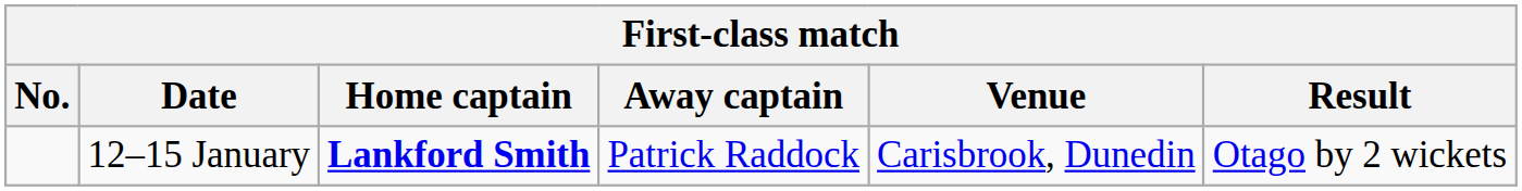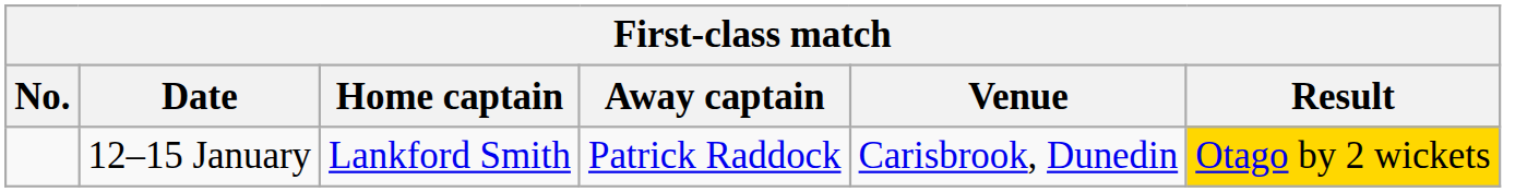 <table class="wikitable">
 <tr>
 <th colspan="9">First-class match</th>
 </tr>
 <tr>
 <th>No.</th>
 <th>Date</th>
 <th>Home captain</th>
 <th>Away captain</th>
 <th>Venue</th>
 <th>Result</th>
 </tr>
 <tr>
 <td></td>
 <td>12–15 January</td>
-<td><strong> <a href='#'>Lankford Smith</a></strong></td>
+<td> <a href='#'>Lankford Smith</a></td>
 <td><a href='#'>Patrick Raddock</a></td>
 <td><a href='#'>Carisbrook</a>, <a href='#'>Dunedin</a></td>
-<td><a href='#'>Otago</a> by 2 wickets</td>
+<td style="background: gold;"><a href='#'>Otago</a> by 2 wickets</td>
 </tr>
 </table>
